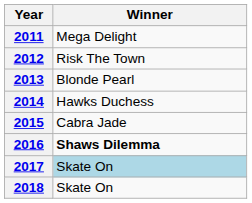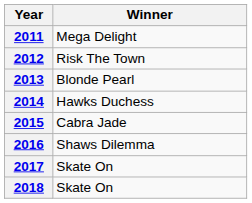 <table class="wikitable">
 <tr>
 <th width=50>Year</th>
 <th width=220>Winner</th>
 </tr>
 <tr>
 <th><a href='#'>2011</a></th>
 <td>Mega Delight</td>
 </tr>
 <tr>
 <th><a href='#'>2012</a></th>
 <td>Risk The Town</td>
 </tr>
 <tr>
 <th><a href='#'>2013</a></th>
 <td>Blonde Pearl</td>
 </tr>
 <tr>
 <th><a href='#'>2014</a></th>
 <td>Hawks Duchess</td>
 </tr>
 <tr>
 <th><a href='#'>2015</a></th>
 <td>Cabra Jade</td>
 </tr>
 <tr>
 <th><a href='#'>2016</a></th>
-<td><strong>Shaws Dilemma</strong></td>
+<td>Shaws Dilemma</td>
 </tr>
 <tr>
 <th><a href='#'>2017</a></th>
-<td style="background: lightblue;">Skate On</td>
+<td>Skate On</td>
 </tr>
 <tr>
 <th><a href='#'>2018</a></th>
 <td>Skate On</td>
 </tr>
 </table>
